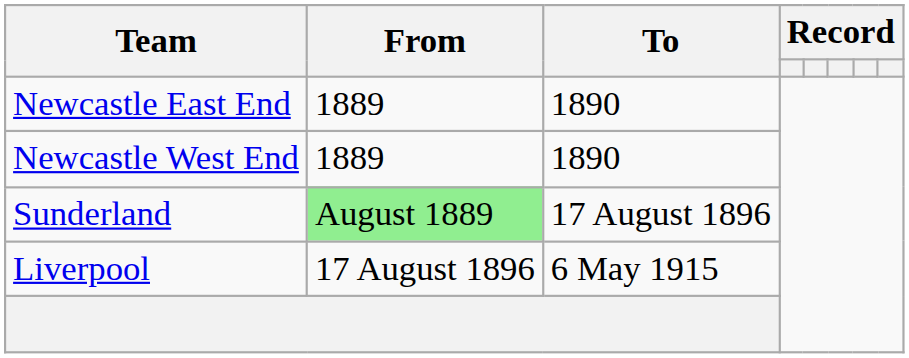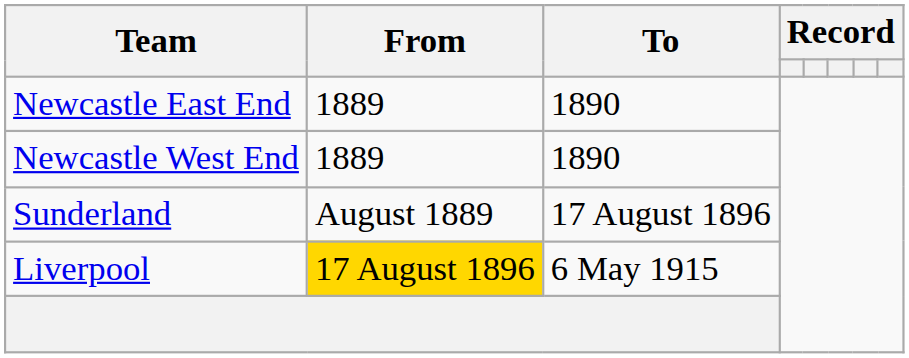 <table class=wikitable style="text-align: center">
 <tr>
 <th rowspan=2>Team</th>
 <th rowspan=2>From</th>
 <th rowspan=2>To</th>
 <th colspan=5>Record</th>
 </tr>
 <tr>
 <th></th>
 <th></th>
 <th></th>
 <th></th>
 <th></th>
 </tr>
 <tr>
 <td align=left><a href='#'>Newcastle East End</a></td>
 <td align=left>1889</td>
 <td align=left>1890<br></td>
 </tr>
 <tr>
 <td align=left><a href='#'>Newcastle West End</a></td>
 <td align=left>1889</td>
 <td align=left>1890<br></td>
 </tr>
 <tr>
 <td align=left><a href='#'>Sunderland</a></td>
-<td align=left style="background: lightgreen;">August 1889</td>
+<td align=left>August 1889</td>
 <td align=left>17 August 1896<br></td>
 </tr>
 <tr>
 <td align=left><a href='#'>Liverpool</a></td>
-<td align=left>17 August 1896</td>
+<td align=left style="background: gold;">17 August 1896</td>
 <td align=left>6 May 1915<br></td>
 </tr>
 <tr>
 <th colspan=3><br></th>
 </tr>
 </table>
